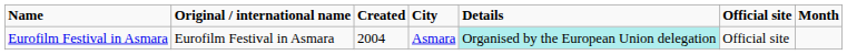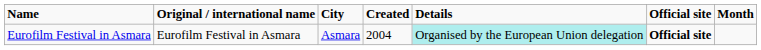 <table class="wikitable">
 <tr>
 <td><strong>Name</strong></td>
 <td><strong>Original / international name</strong></td>
+<td><strong>City</strong></td>
 <td><strong>Created</strong></td>
-<td><strong>City</strong></td>
 <td><strong>Details</strong></td>
 <td><strong>Official site</strong></td>
 <td><strong>Month</strong></td>
 </tr>
 <tr>
 <td><a href='#'>Eurofilm Festival in Asmara</a></td>
 <td>Eurofilm Festival in Asmara</td>
+<td><a href='#'>Asmara</a></td>
 <td>2004</td>
-<td><a href='#'>Asmara</a></td>
 <td style="background: paleturquoise;">Organised by the European Union delegation</td>
-<td>Official site</td>
+<td><strong>Official site</strong></td>
 <td></td>
 </tr>
 </table>
